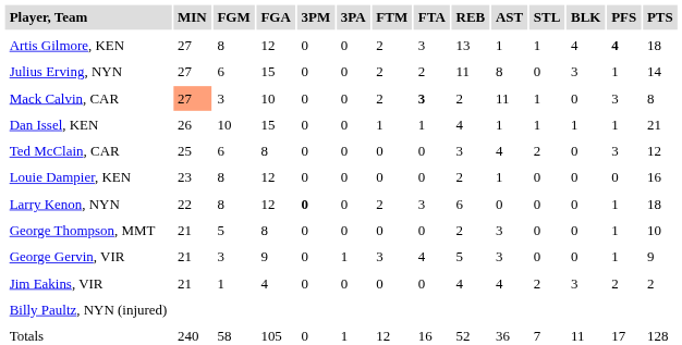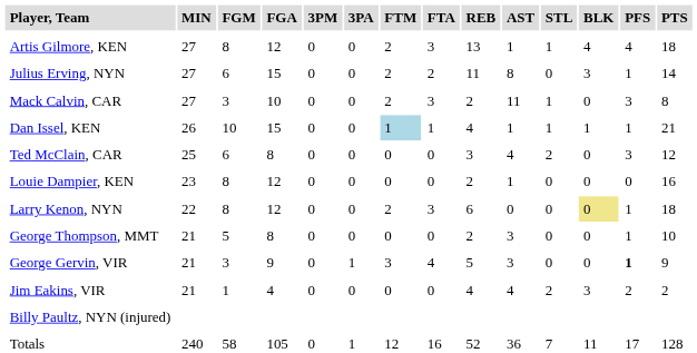 <table cellpadding=5>
 <tr bgcolor="#dddddd">
 <td><strong>Player, Team</strong></td>
 <td><strong>MIN</strong></td>
 <td><strong>FGM</strong></td>
 <td><strong>FGA</strong></td>
 <td><strong>3PM</strong></td>
 <td><strong>3PA</strong></td>
 <td><strong>FTM</strong></td>
 <td><strong>FTA</strong></td>
 <td><strong>REB</strong></td>
 <td><strong>AST</strong></td>
 <td><strong>STL</strong></td>
 <td><strong>BLK</strong></td>
 <td><strong>PFS</strong></td>
 <td><strong>PTS</strong></td>
 </tr>
 <tr bgcolor="#eeeeee">
 </tr>
 <tr>
 <td><a href='#'>Artis Gilmore</a>, KEN</td>
 <td>27</td>
 <td>8</td>
 <td>12</td>
 <td>0</td>
 <td>0</td>
 <td>2</td>
 <td>3</td>
 <td>13</td>
 <td>1</td>
 <td>1</td>
 <td>4</td>
-<td><strong>4</strong></td>
+<td>4</td>
 <td>18</td>
 </tr>
 <tr>
 <td><a href='#'>Julius Erving</a>, NYN</td>
 <td>27</td>
 <td>6</td>
 <td>15</td>
 <td>0</td>
 <td>0</td>
 <td>2</td>
 <td>2</td>
 <td>11</td>
 <td>8</td>
 <td>0</td>
 <td>3</td>
 <td>1</td>
 <td>14</td>
 </tr>
 <tr>
 <td><a href='#'>Mack Calvin</a>, CAR</td>
-<td style="background: lightsalmon;">27</td>
+<td>27</td>
 <td>3</td>
 <td>10</td>
 <td>0</td>
 <td>0</td>
 <td>2</td>
-<td><strong>3</strong></td>
+<td>3</td>
 <td>2</td>
 <td>11</td>
 <td>1</td>
 <td>0</td>
 <td>3</td>
 <td>8</td>
 </tr>
 <tr>
 <td><a href='#'>Dan Issel</a>, KEN</td>
 <td>26</td>
 <td>10</td>
 <td>15</td>
 <td>0</td>
 <td>0</td>
-<td>1</td>
+<td style="background: lightblue;">1</td>
 <td>1</td>
 <td>4</td>
 <td>1</td>
 <td>1</td>
 <td>1</td>
 <td>1</td>
 <td>21</td>
 </tr>
 <tr>
 <td><a href='#'>Ted McClain</a>, CAR</td>
 <td>25</td>
 <td>6</td>
 <td>8</td>
 <td>0</td>
 <td>0</td>
 <td>0</td>
 <td>0</td>
 <td>3</td>
 <td>4</td>
 <td>2</td>
 <td>0</td>
 <td>3</td>
 <td>12</td>
 </tr>
 <tr>
 <td><a href='#'>Louie Dampier</a>, KEN</td>
 <td>23</td>
 <td>8</td>
 <td>12</td>
 <td>0</td>
 <td>0</td>
 <td>0</td>
 <td>0</td>
 <td>2</td>
 <td>1</td>
 <td>0</td>
 <td>0</td>
 <td>0</td>
 <td>16</td>
 </tr>
 <tr>
 <td><a href='#'>Larry Kenon</a>, NYN</td>
 <td>22</td>
 <td>8</td>
 <td>12</td>
-<td><strong>0</strong></td>
+<td>0</td>
 <td>0</td>
 <td>2</td>
 <td>3</td>
 <td>6</td>
 <td>0</td>
 <td>0</td>
-<td>0</td>
+<td style="background: khaki;">0</td>
 <td>1</td>
 <td>18</td>
 </tr>
 <tr>
 <td><a href='#'>George Thompson</a>, MMT</td>
 <td>21</td>
 <td>5</td>
 <td>8</td>
 <td>0</td>
 <td>0</td>
 <td>0</td>
 <td>0</td>
 <td>2</td>
 <td>3</td>
 <td>0</td>
 <td>0</td>
 <td>1</td>
 <td>10</td>
 </tr>
 <tr>
 <td><a href='#'>George Gervin</a>, VIR</td>
 <td>21</td>
 <td>3</td>
 <td>9</td>
 <td>0</td>
 <td>1</td>
 <td>3</td>
 <td>4</td>
 <td>5</td>
 <td>3</td>
 <td>0</td>
 <td>0</td>
-<td>1</td>
+<td><strong>1</strong></td>
 <td>9</td>
 </tr>
 <tr>
 <td><a href='#'>Jim Eakins</a>, VIR</td>
 <td>21</td>
 <td>1</td>
 <td>4</td>
 <td>0</td>
 <td>0</td>
 <td>0</td>
 <td>0</td>
 <td>4</td>
 <td>4</td>
 <td>2</td>
 <td>3</td>
 <td>2</td>
 <td>2</td>
 </tr>
 <tr>
 <td><a href='#'>Billy Paultz</a>, NYN (injured)</td>
 </tr>
 <tr>
 <td>Totals</td>
 <td>240</td>
 <td>58</td>
 <td>105</td>
 <td>0</td>
 <td>1</td>
 <td>12</td>
 <td>16</td>
 <td>52</td>
 <td>36</td>
 <td>7</td>
 <td>11</td>
 <td>17</td>
 <td>128</td>
 </tr>
 <tr>
 </tr>
 </table>
